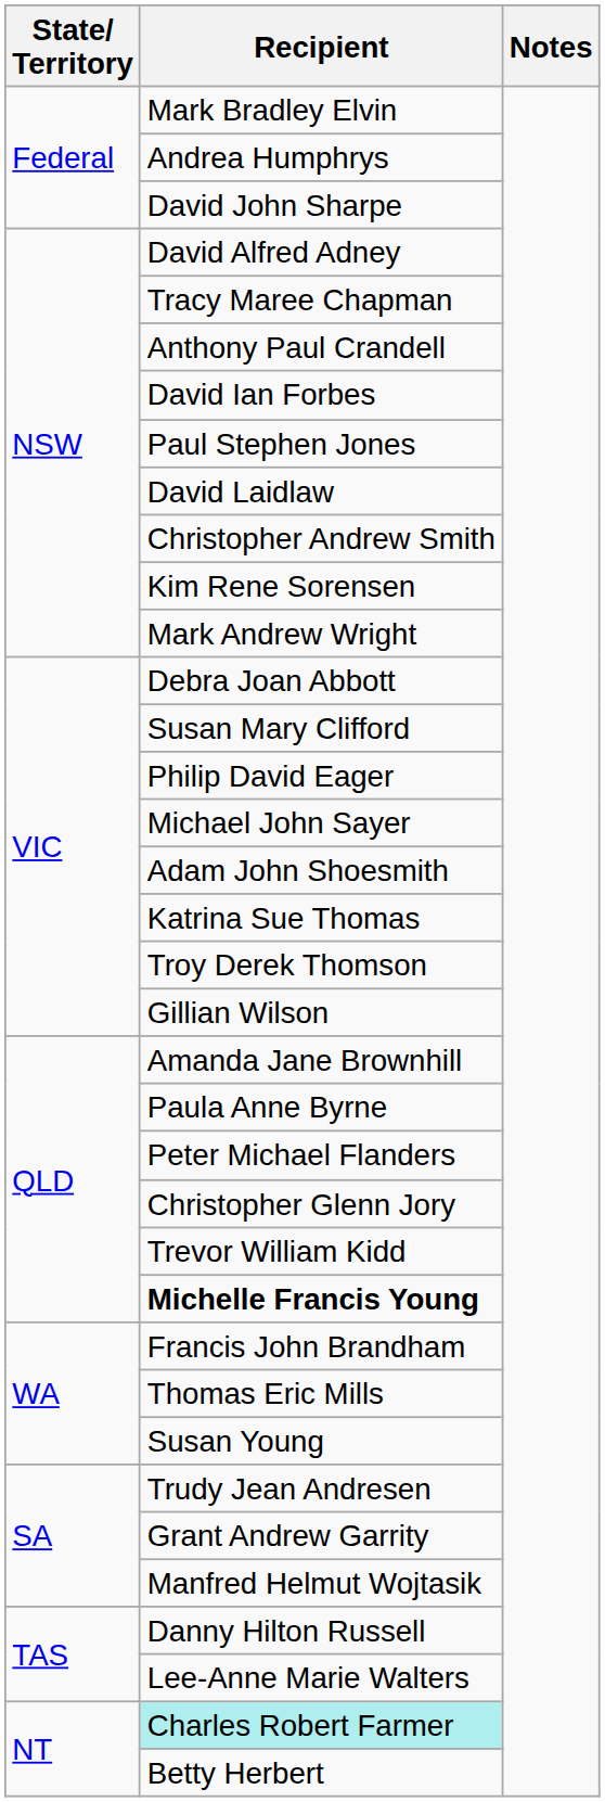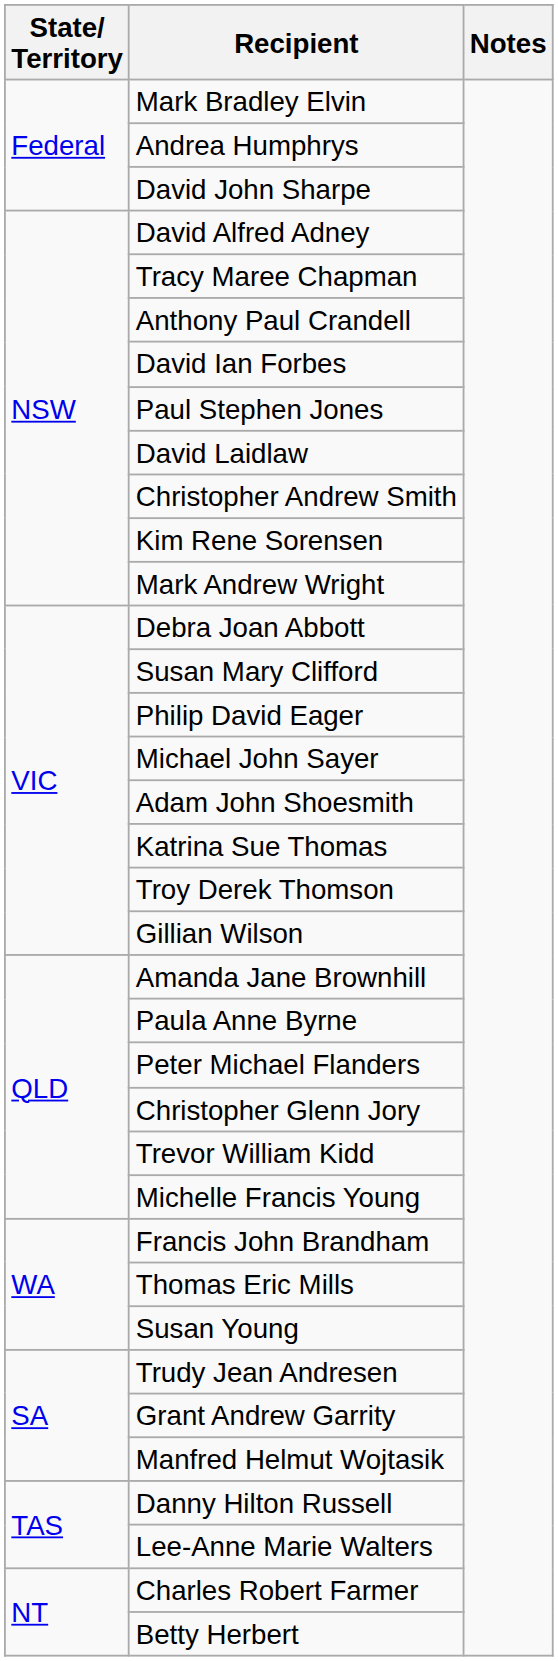 <table class="wikitable" style="font-size:95%;">
 <tr>
 <th>State/<br>Territory</th>
 <th>Recipient</th>
 <th>Notes</th>
 </tr>
 <tr>
 <td rowspan=3><a href='#'>Federal</a></td>
 <td> Mark Bradley Elvin</td>
 <td rowspan=36></td>
 </tr>
 <tr>
 <td> Andrea Humphrys</td>
 </tr>
 <tr>
 <td> David John Sharpe</td>
 </tr>
 <tr>
 <td rowspan=9><a href='#'>NSW</a></td>
 <td> David Alfred Adney</td>
 </tr>
 <tr>
 <td> Tracy Maree Chapman</td>
 </tr>
 <tr>
 <td> Anthony Paul Crandell</td>
 </tr>
 <tr>
 <td> David Ian Forbes</td>
 </tr>
 <tr>
 <td> Paul Stephen Jones</td>
 </tr>
 <tr>
 <td> David Laidlaw</td>
 </tr>
 <tr>
 <td> Christopher Andrew Smith</td>
 </tr>
 <tr>
 <td> Kim Rene Sorensen</td>
 </tr>
 <tr>
 <td> Mark Andrew Wright</td>
 </tr>
 <tr>
 <td rowspan=8><a href='#'>VIC</a></td>
 <td> Debra Joan Abbott</td>
 </tr>
 <tr>
 <td> Susan Mary Clifford</td>
 </tr>
 <tr>
 <td> Philip David Eager</td>
 </tr>
 <tr>
 <td> Michael John Sayer</td>
 </tr>
 <tr>
 <td> Adam John Shoesmith</td>
 </tr>
 <tr>
 <td> Katrina Sue Thomas</td>
 </tr>
 <tr>
 <td> Troy Derek Thomson</td>
 </tr>
 <tr>
 <td> Gillian Wilson</td>
 </tr>
 <tr>
 <td rowspan=6><a href='#'>QLD</a></td>
 <td> Amanda Jane Brownhill</td>
 </tr>
 <tr>
 <td> Paula Anne Byrne</td>
 </tr>
 <tr>
 <td> Peter Michael Flanders</td>
 </tr>
 <tr>
 <td> Christopher Glenn Jory</td>
 </tr>
 <tr>
 <td> Trevor William Kidd</td>
 </tr>
 <tr>
-<td><strong> Michelle Francis Young</strong></td>
+<td> Michelle Francis Young</td>
 </tr>
 <tr>
 <td rowspan=3><a href='#'>WA</a></td>
 <td> Francis John Brandham</td>
 </tr>
 <tr>
 <td> Thomas Eric Mills</td>
 </tr>
 <tr>
 <td> Susan Young</td>
 </tr>
 <tr>
 <td rowspan=3><a href='#'>SA</a></td>
 <td> Trudy Jean Andresen</td>
 </tr>
 <tr>
 <td> Grant Andrew Garrity</td>
 </tr>
 <tr>
 <td> Manfred Helmut Wojtasik</td>
 </tr>
 <tr>
 <td rowspan=2><a href='#'>TAS</a></td>
 <td> Danny Hilton Russell</td>
 </tr>
 <tr>
 <td> Lee-Anne Marie Walters</td>
 </tr>
 <tr>
 <td rowspan=2><a href='#'>NT</a></td>
-<td style="background: paleturquoise;"> Charles Robert Farmer</td>
+<td> Charles Robert Farmer</td>
 </tr>
 <tr>
 <td> Betty Herbert</td>
 </tr>
 </table>
